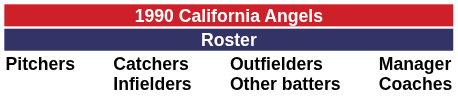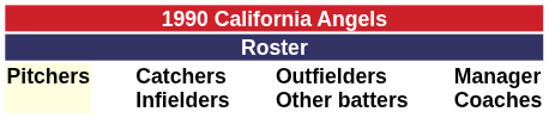 <table class="toccolours" style="font-size: 95%;">
 <tr>
 <th colspan="10" style="background-color: #CE2029; color: white; text-align: center;">1990 California Angels</th>
 </tr>
 <tr>
 <td colspan="10" style="background-color:#333366; color: white; text-align: center;"><strong>Roster</strong></td>
 </tr>
 <tr>
-<td valign="top"><strong>Pitchers</strong><br>                  </td>
+<td valign="top" style="background: lightyellow;"><strong>Pitchers</strong><br>                  </td>
 <td width="25px"></td>
 <td valign="top"><strong>Catchers</strong><br>    <strong>Infielders</strong>            </td>
 <td width="25px"></td>
 <td valign="top"><strong>Outfielders</strong><br>       <strong>Other batters</strong> </td>
 <td width="25px"></td>
 <td valign="top"><strong>Manager</strong><br> <strong>Coaches</strong>      </td>
 </tr>
 </table>
